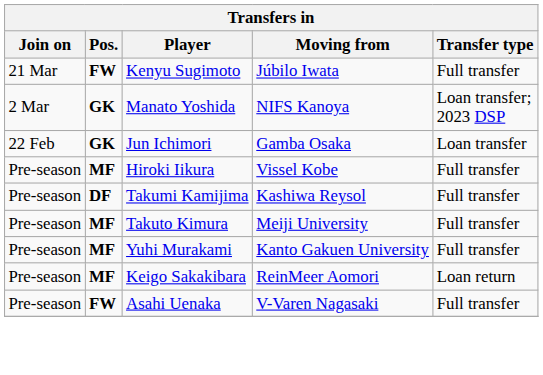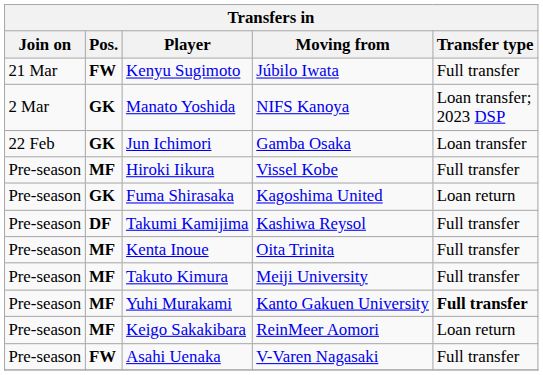 <table class="wikitable sortable" style=“text-align:left;>
 <tr>
 <th colspan="5">Transfers in</th>
 </tr>
 <tr>
 <th>Join on</th>
 <th>Pos.</th>
 <th>Player</th>
 <th>Moving from</th>
 <th>Transfer type</th>
 </tr>
 <tr>
 <td>21 Mar</td>
 <td><strong>FW</strong></td>
 <td> <a href='#'>Kenyu Sugimoto</a></td>
 <td> <a href='#'>Júbilo Iwata</a></td>
 <td>Full transfer</td>
 </tr>
 <tr>
 <td>2 Mar</td>
 <td><strong>GK</strong></td>
 <td> <a href='#'>Manato Yoshida</a></td>
 <td> <a href='#'>NIFS Kanoya</a></td>
 <td>Loan transfer;<br> 2023 <a href='#'>DSP</a></td>
 </tr>
 <tr>
 <td>22 Feb</td>
 <td><strong>GK</strong></td>
 <td> <a href='#'>Jun Ichimori</a></td>
 <td> <a href='#'>Gamba Osaka</a></td>
 <td>Loan transfer</td>
 </tr>
 <tr>
 <td>Pre-season</td>
 <td><strong>MF</strong></td>
 <td> <a href='#'>Hiroki Iikura</a></td>
 <td> <a href='#'>Vissel Kobe</a></td>
 <td>Full transfer</td>
 </tr>
 <tr>
 <td>Pre-season</td>
+<td><strong>GK</strong></td>
+<td> <a href='#'>Fuma Shirasaka</a></td>
+<td> <a href='#'>Kagoshima United</a></td>
+<td>Loan return</td>
+</tr>
+<tr>
+<td>Pre-season</td>
 <td><strong>DF</strong></td>
 <td> <a href='#'>Takumi Kamijima</a></td>
 <td> <a href='#'>Kashiwa Reysol</a></td>
+<td>Full transfer</td>
+</tr>
+<tr>
+<td>Pre-season</td>
+<td><strong>MF</strong></td>
+<td> <a href='#'>Kenta Inoue</a></td>
+<td> <a href='#'>Oita Trinita</a></td>
 <td>Full transfer</td>
 </tr>
 <tr>
 <td>Pre-season</td>
 <td><strong>MF</strong></td>
 <td> <a href='#'>Takuto Kimura</a></td>
 <td> <a href='#'>Meiji University</a></td>
 <td>Full transfer</td>
 </tr>
 <tr>
 <td>Pre-season</td>
 <td><strong>MF</strong></td>
 <td> <a href='#'>Yuhi Murakami</a></td>
 <td> <a href='#'>Kanto Gakuen University</a></td>
-<td>Full transfer</td>
+<td><strong>Full transfer</strong></td>
 </tr>
 <tr>
 <td>Pre-season</td>
 <td><strong>MF</strong></td>
 <td> <a href='#'>Keigo Sakakibara</a></td>
 <td> <a href='#'>ReinMeer Aomori</a></td>
 <td>Loan return</td>
 </tr>
 <tr>
 <td>Pre-season</td>
 <td><strong>FW</strong></td>
 <td> <a href='#'>Asahi Uenaka</a></td>
 <td> <a href='#'>V-Varen Nagasaki</a></td>
 <td>Full transfer</td>
 </tr>
 <tr>
 </tr>
 </table>
